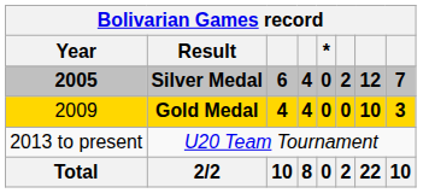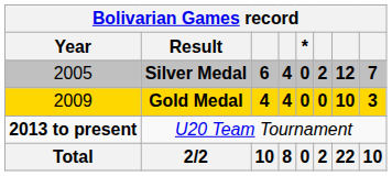 <table class="wikitable" style="text-align: center;">
 <tr>
 <th colspan=9><a href='#'>Bolivarian Games</a> record</th>
 </tr>
 <tr>
 <th>Year</th>
 <th>Result</th>
 <th></th>
 <th></th>
 <th>*</th>
 <th></th>
 <th></th>
 <th></th>
 </tr>
 <tr style="background:silver;">
-<td><strong> 2005</strong></td>
+<td> 2005</td>
 <td><strong>Silver Medal</strong></td>
 <td><strong>6</strong></td>
 <td><strong>4</strong></td>
 <td><strong>0</strong></td>
 <td><strong>2</strong></td>
 <td><strong>12</strong></td>
 <td><strong>7</strong></td>
 </tr>
 <tr style="background:gold;">
 <td> 2009</td>
 <td><strong>Gold Medal</strong></td>
 <td><strong>4</strong></td>
 <td><strong>4</strong></td>
 <td><strong>0</strong></td>
 <td><strong>0</strong></td>
 <td><strong>10</strong></td>
 <td><strong>3</strong></td>
 </tr>
 <tr>
-<td>2013 to present</td>
+<td><strong>2013 to present</strong></td>
 <td colspan=7><em><a href='#'>U20 Team</a> Tournament</em></td>
 </tr>
 <tr>
 <th>Total</th>
 <th>2/2</th>
 <th>10</th>
 <th>8</th>
 <th>0</th>
 <th>2</th>
 <th>22</th>
 <th>10</th>
 </tr>
 </table>
